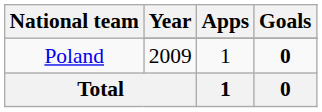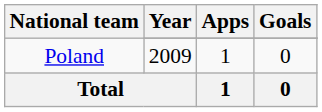 <table class="wikitable" style="text-align:center">
 <tr>
 <th>National team</th>
 <th>Year</th>
 <th>Apps</th>
 <th>Goals</th>
 </tr>
 <tr>
 <td rowspan=2><a href='#'>Poland</a></td>
 </tr>
 <tr>
 <td>2009</td>
 <td>1</td>
-<td><strong>0</strong></td>
+<td>0</td>
 </tr>
 <tr>
 <th colspan="2">Total</th>
 <th>1</th>
 <th>0</th>
 </tr>
 </table>
